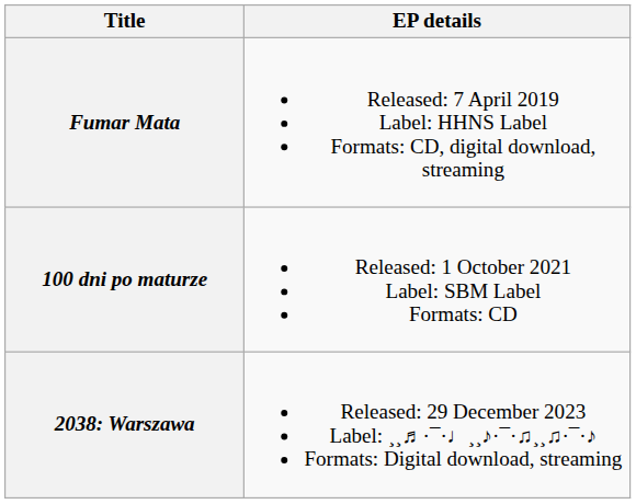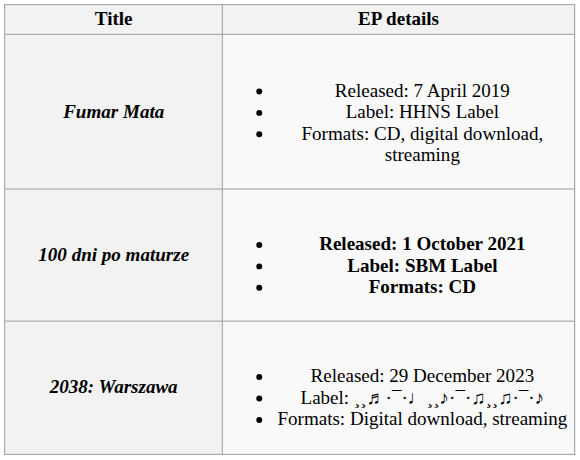 <table class="wikitable plainrowheaders" style="text-align:center;">
 <tr>
 <th scope="col" style="width:11em;">Title</th>
 <th scope="col" style="width:18em;">EP details</th>
 </tr>
 <tr>
 <th scope="row"><em>Fumar Mata</em></th>
 <td><br><ul><li>Released: 7 April 2019</li><li>Label: HHNS Label</li><li>Formats: CD, digital download, streaming</li></ul></td>
 </tr>
 <tr>
 <th scope="row"><em>100 dni po maturze</em></th>
-<td><br><ul><li>Released: 1 October 2021</li><li>Label: SBM Label</li><li>Formats: CD</li></ul></td>
+<td><strong><br><ul><li>Released: 1 October 2021</li><li>Label: SBM Label</li><li>Formats: CD</li></ul></strong></td>
 </tr>
 <tr>
 <th scope="row"><em>2038: Warszawa</em></th>
 <td><br><ul><li>Released: 29 December 2023</li><li>Label: ¸¸♬·¯·♩¸¸♪·¯·♫¸¸♫·¯·♪</li><li>Formats: Digital download, streaming</li></ul></td>
 </tr>
 </table>
